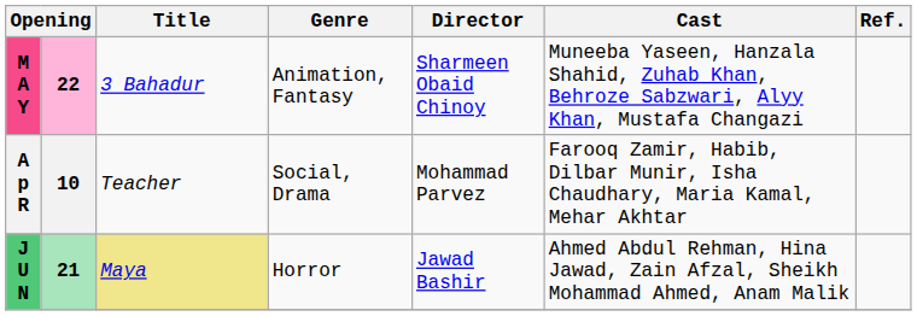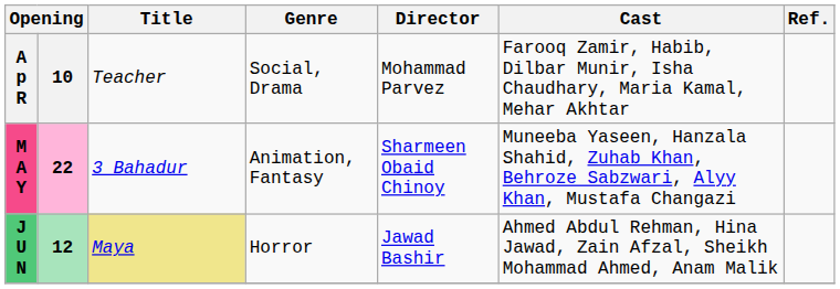 <table class="wikitable">
 <tr style="background:#b0e0e66; text-align:center;">
 <th colspan="2"><strong>Opening</strong></th>
 <th style="width:19%;"><strong>Title</strong></th>
 <th><strong>Genre</strong></th>
 <th><strong>Director</strong></th>
 <th><strong>Cast</strong></th>
 <th><strong>Ref.</strong></th>
+</tr>
+<tr>
+<th>A<br>p<br>R</th>
+<th>10</th>
+<td><em>Teacher</em></td>
+<td>Social,<br>Drama</td>
+<td>Mohammad Parvez</td>
+<td>Farooq Zamir, Habib, Dilbar Munir, Isha Chaudhary, Maria Kamal, Mehar Akhtar</td>
+<td></td>
 </tr>
 <tr>
 <td rowspan="1" style="text-align:center; background:#f64a8a;"><strong>M<br>A<br>Y</strong></td>
 <td rowspan="1" style="text-align:center; textcolor:#000; background:#ffb5da;"><strong>22</strong></td>
 <td><em><a href='#'>3 Bahadur</a></em></td>
 <td>Animation, Fantasy</td>
 <td><a href='#'>Sharmeen Obaid Chinoy</a></td>
 <td>Muneeba Yaseen, Hanzala Shahid, <a href='#'>Zuhab Khan</a>, <a href='#'>Behroze Sabzwari</a>, <a href='#'>Alyy Khan</a>, Mustafa Changazi</td>
 <td></td>
 </tr>
 <tr>
-<th>A<br>p<br>R</th>
-<th>10</th>
-<td><em>Teacher</em></td>
-<td>Social,<br>Drama</td>
-<td>Mohammad Parvez</td>
-<td>Farooq Zamir, Habib, Dilbar Munir, Isha Chaudhary, Maria Kamal, Mehar Akhtar</td>
-<td></td>
-</tr>
-<tr>
 <td rowspan="1" style="text-align:center; background:#50c878;"><strong>J<br>U<br>N</strong></td>
-<td rowspan="1" style="text-align:center; textcolor:#000; background:#a8e4bc;"><strong>21</strong></td>
+<td rowspan="1" style="text-align:center; textcolor:#000; background:#a8e4bc;"><strong>12</strong></td>
 <td style="background: khaki;"><em><a href='#'>Maya</a></em></td>
 <td>Horror</td>
 <td><a href='#'>Jawad Bashir</a></td>
 <td>Ahmed Abdul Rehman, Hina Jawad, Zain Afzal, Sheikh Mohammad Ahmed, Anam Malik</td>
 <td></td>
 </tr>
 <tr>
 </tr>
 </table>
